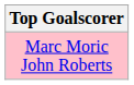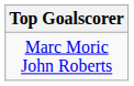 <table class="wikitable" style="text-align: center; margin: 0 auto;">
 <tr>
 <th>Top Goalscorer</th>
 </tr>
 <tr>
-<td style="background: pink;"> <a href='#'>Marc Moric</a><br> <a href='#'>John Roberts</a></td>
+<td> <a href='#'>Marc Moric</a><br> <a href='#'>John Roberts</a></td>
 </tr>
 </table>
